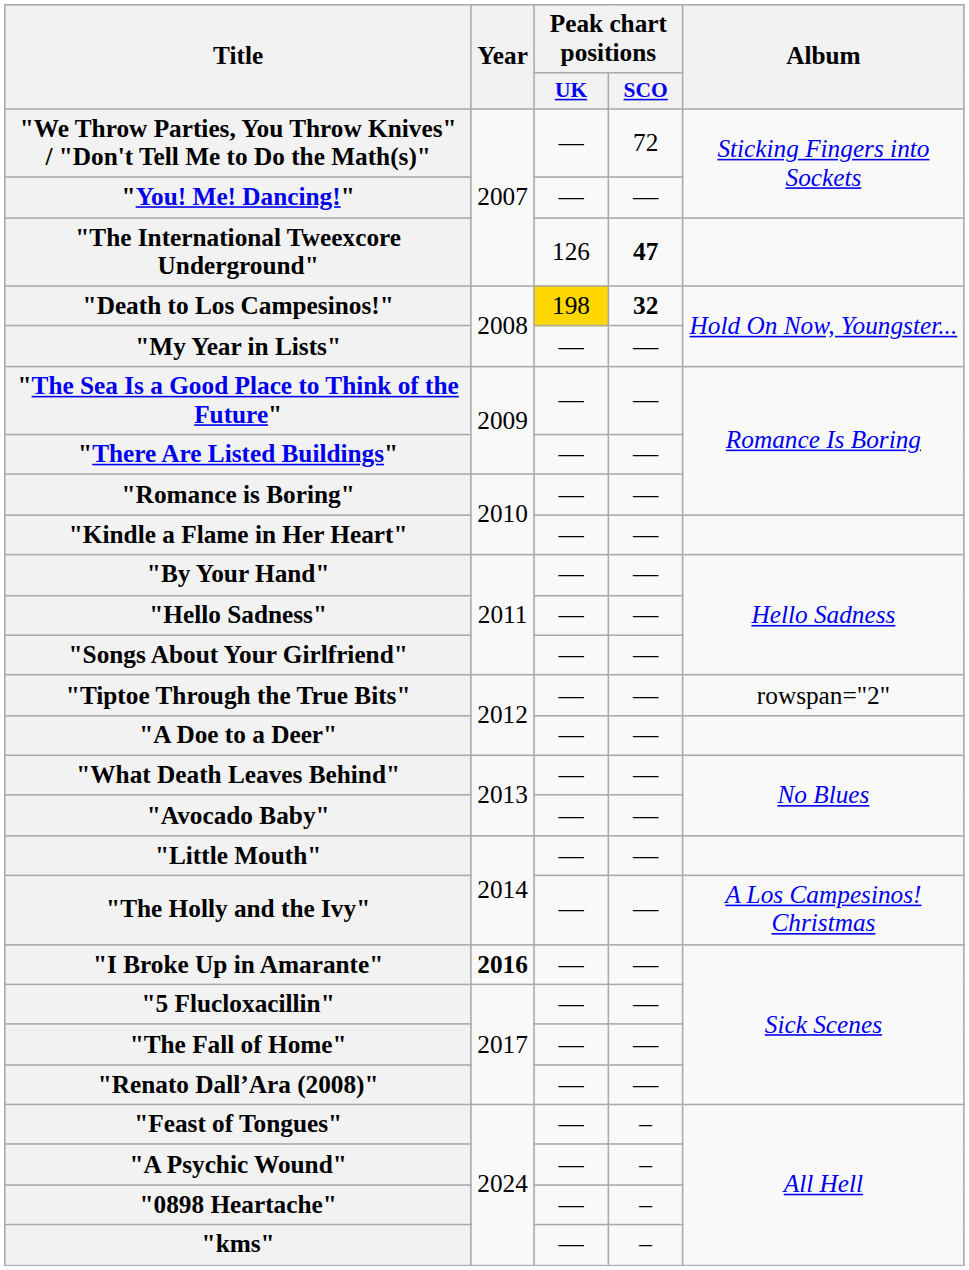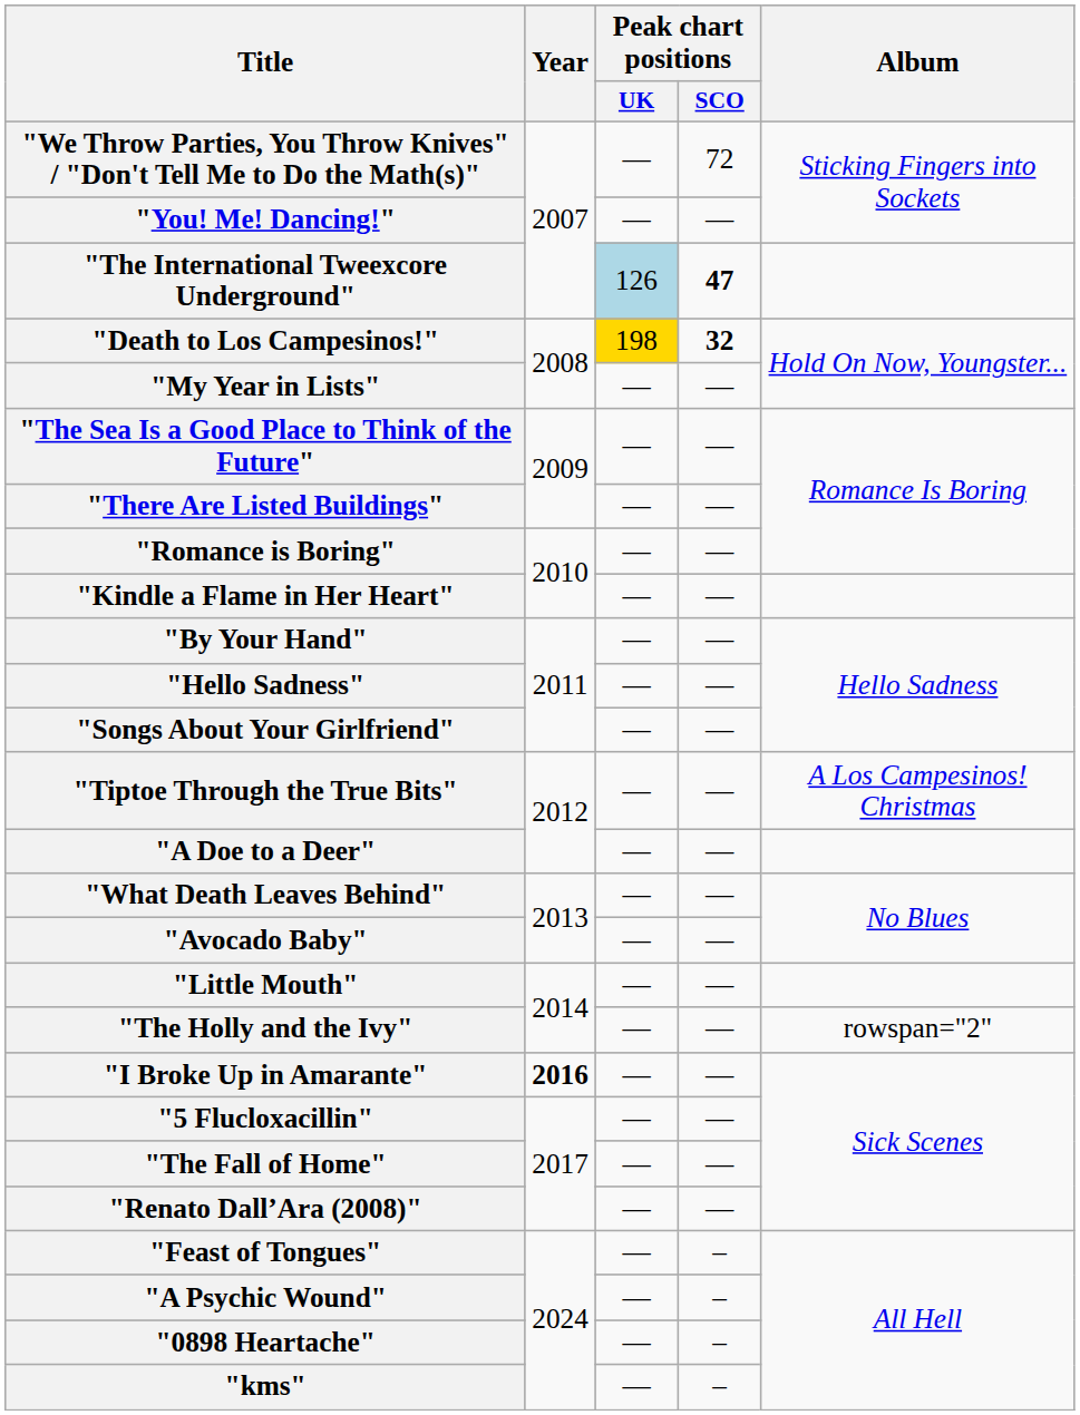 <table class="wikitable plainrowheaders" style="text-align:center;">
 <tr>
 <th scope="col" rowspan="2">Title</th>
 <th scope="col" rowspan="2">Year</th>
 <th scope="col" colspan="2">Peak chart positions</th>
 <th scope="col" rowspan="2">Album</th>
 </tr>
 <tr>
 <th style="width:3em;font-size:85%;"><a href='#'>UK</a><br></th>
 <th style="width:3em;font-size:85%;"><a href='#'>SCO</a><br></th>
 </tr>
 <tr>
 <th scope="row">"We Throw Parties, You Throw Knives"<br>/ "Don't Tell Me to Do the Math(s)"</th>
 <td rowspan="3">2007</td>
 <td>—</td>
 <td>72</td>
 <td rowspan="2"><em><a href='#'>Sticking Fingers into Sockets</a></em></td>
 </tr>
 <tr>
 <th scope="row">"<a href='#'>You! Me! Dancing!</a>"</th>
 <td>—</td>
 <td>—</td>
 </tr>
 <tr>
 <th scope="row">"The International Tweexcore Underground"</th>
-<td>126</td>
+<td style="background: lightblue;">126</td>
 <td><strong>47</strong></td>
 <td></td>
 </tr>
 <tr>
 <th scope="row">"Death to Los Campesinos!"</th>
 <td rowspan="2">2008</td>
 <td style="background: gold;">198</td>
 <td><strong>32</strong></td>
 <td rowspan="2"><em><a href='#'>Hold On Now, Youngster...</a></em></td>
 </tr>
 <tr>
 <th scope="row">"My Year in Lists"</th>
 <td>—</td>
 <td>—</td>
 </tr>
 <tr>
 <th scope="row">"<a href='#'>The Sea Is a Good Place to Think of the Future</a>"</th>
 <td rowspan="2">2009</td>
 <td>—</td>
 <td>—</td>
 <td rowspan="3"><em><a href='#'>Romance Is Boring</a></em></td>
 </tr>
 <tr>
 <th scope="row">"<a href='#'>There Are Listed Buildings</a>"</th>
 <td>—</td>
 <td>—</td>
 </tr>
 <tr>
 <th scope="row">"Romance is Boring"</th>
 <td rowspan="2">2010</td>
 <td>—</td>
 <td>—</td>
 </tr>
 <tr>
 <th scope="row">"Kindle a Flame in Her Heart"</th>
 <td>—</td>
 <td>—</td>
 <td></td>
 </tr>
 <tr>
 <th scope="row">"By Your Hand"</th>
 <td rowspan="3">2011</td>
 <td>—</td>
 <td>—</td>
 <td rowspan="3"><em><a href='#'>Hello Sadness</a></em></td>
 </tr>
 <tr>
 <th scope="row">"Hello Sadness"</th>
 <td>—</td>
 <td>—</td>
 </tr>
 <tr>
 <th scope="row">"Songs About Your Girlfriend"</th>
 <td>—</td>
 <td>—</td>
 </tr>
 <tr>
 <th scope="row">"Tiptoe Through the True Bits"</th>
 <td rowspan="2">2012</td>
 <td>—</td>
 <td>—</td>
-<td>rowspan="2" </td>
+<td><em><a href='#'>A Los Campesinos! Christmas</a></em></td>
 </tr>
 <tr>
 <th scope="row">"A Doe to a Deer"</th>
 <td>—</td>
 <td>—</td>
 </tr>
 <tr>
 <th scope="row">"What Death Leaves Behind"</th>
 <td rowspan="2">2013</td>
 <td>—</td>
 <td>—</td>
 <td rowspan="2"><em><a href='#'>No Blues</a></em></td>
 </tr>
 <tr>
 <th scope="row">"Avocado Baby"</th>
 <td>—</td>
 <td>—</td>
 </tr>
 <tr>
 <th scope="row">"Little Mouth"</th>
 <td rowspan="2">2014</td>
 <td>—</td>
 <td>—</td>
 <td></td>
 </tr>
 <tr>
 <th scope="row">"The Holly and the Ivy"</th>
 <td>—</td>
 <td>—</td>
-<td><em><a href='#'>A Los Campesinos! Christmas</a></em></td>
+<td>rowspan="2" </td>
 </tr>
 <tr>
 <th scope="row">"I Broke Up in Amarante"</th>
 <td><strong>2016</strong></td>
 <td>—</td>
 <td>—</td>
 <td rowspan="4"><em><a href='#'>Sick Scenes</a></em></td>
 </tr>
 <tr>
 <th scope="row">"5 Flucloxacillin"</th>
 <td rowspan="3">2017</td>
 <td>—</td>
 <td>—</td>
 </tr>
 <tr>
 <th scope="row">"The Fall of Home"</th>
 <td>—</td>
 <td>—</td>
 </tr>
 <tr>
 <th scope="row">"Renato Dall’Ara (2008)"</th>
 <td>—</td>
 <td>—</td>
 </tr>
 <tr>
 <th scope="row">"Feast of Tongues"</th>
 <td rowspan="4">2024</td>
 <td>—</td>
 <td>–</td>
 <td rowspan="4"><em><a href='#'>All Hell</a></em></td>
 </tr>
 <tr>
 <th scope="row">"A Psychic Wound"</th>
 <td>—</td>
 <td>–</td>
 </tr>
 <tr>
 <th scope="row">"0898 Heartache"</th>
 <td>—</td>
 <td>–</td>
 </tr>
 <tr>
 <th scope="row">"kms"</th>
 <td>—</td>
 <td>–</td>
 </tr>
 </table>
